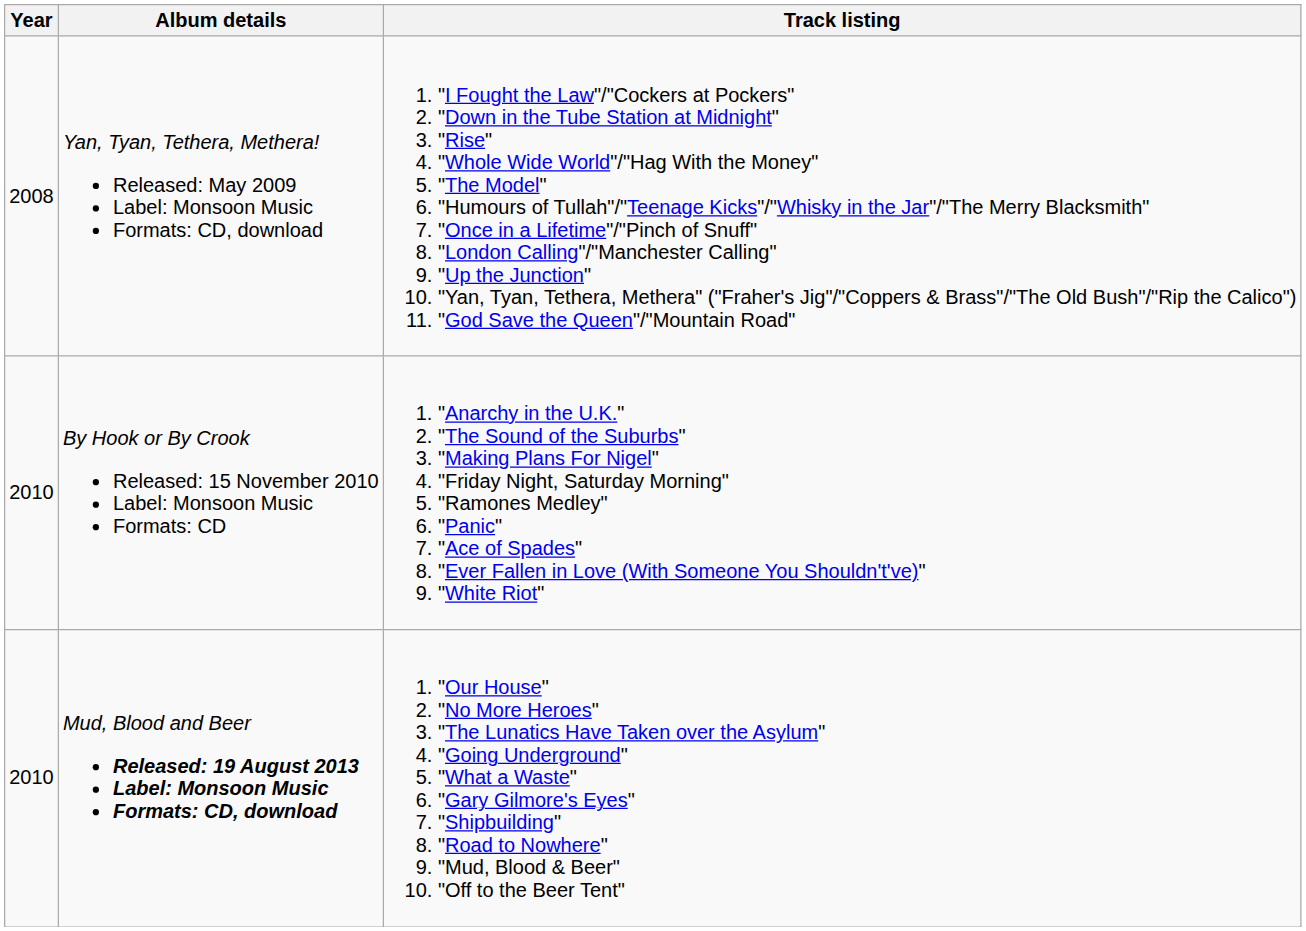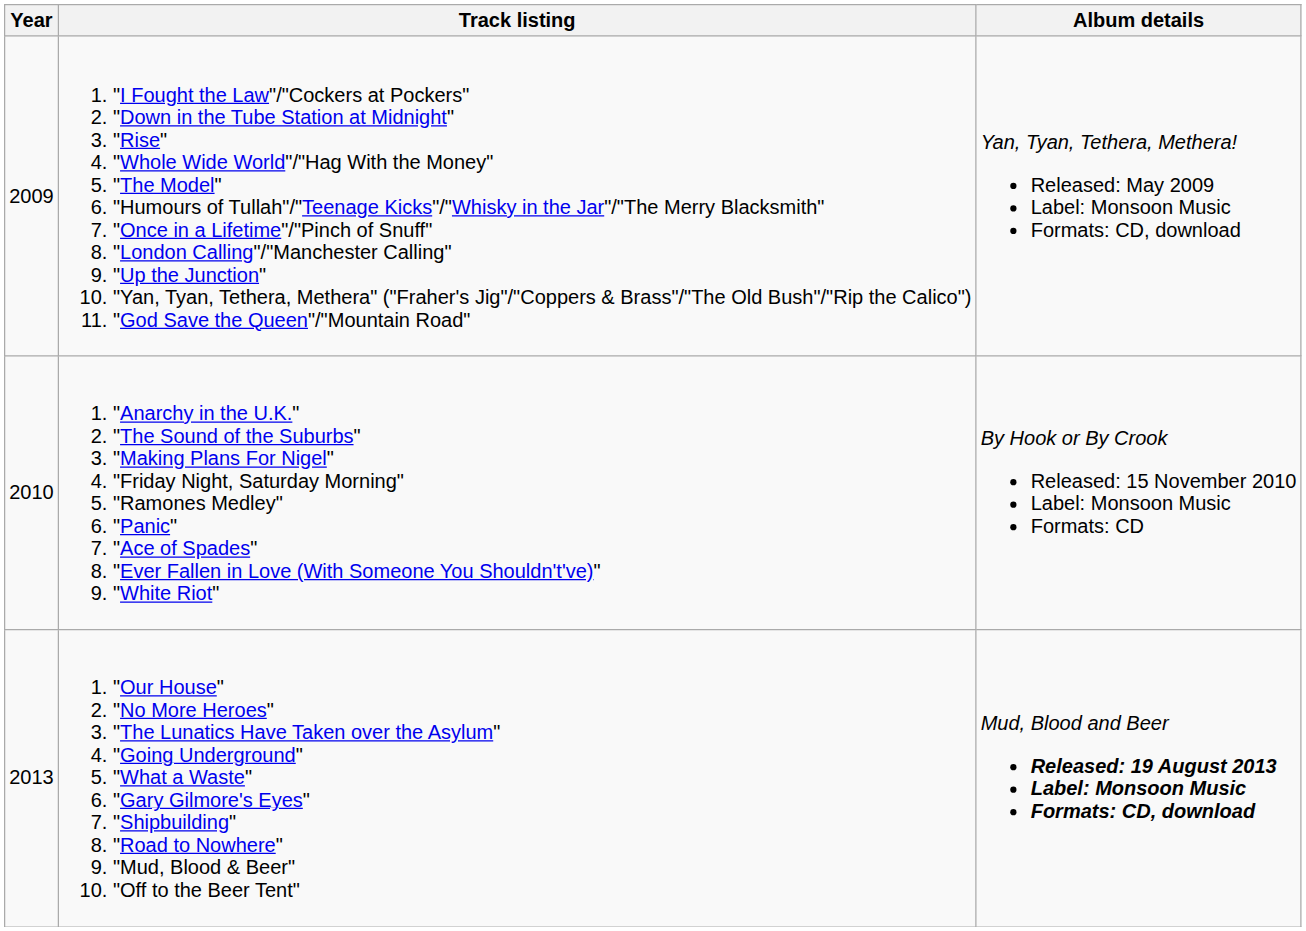 <table class=wikitable>
 <tr>
 <th>Year</th>
+<th>Track listing</th>
 <th>Album details</th>
-<th>Track listing</th>
 </tr>
 <tr>
-<td>2008</td>
+<td>2009</td>
+<td><br><ol><li>"<a href='#'>I Fought the Law</a>"/"Cockers at Pockers"</li><li>"<a href='#'>Down in the Tube Station at Midnight</a>"</li><li>"<a href='#'>Rise</a>"</li><li>"<a href='#'>Whole Wide World</a>"/"Hag With the Money"</li><li>"<a href='#'>The Model</a>"</li><li>"Humours of Tullah"/"<a href='#'>Teenage Kicks</a>"/"<a href='#'>Whisky in the Jar</a>"/"The Merry Blacksmith"</li><li>"<a href='#'>Once in a Lifetime</a>"/"Pinch of Snuff"</li><li>"<a href='#'>London Calling</a>"/"Manchester Calling"</li><li>"<a href='#'>Up the Junction</a>"</li><li>"Yan, Tyan, Tethera, Methera" ("Fraher's Jig"/"Coppers & Brass"/"The Old Bush"/"Rip the Calico")</li><li>"<a href='#'>God Save the Queen</a>"/"Mountain Road"</li></ol></td>
 <td><em>Yan, Tyan, Tethera, Methera!</em><br><ul><li>Released: May 2009</li><li>Label: Monsoon Music</li><li>Formats: CD, download</li></ul></td>
-<td><br><ol><li>"<a href='#'>I Fought the Law</a>"/"Cockers at Pockers"</li><li>"<a href='#'>Down in the Tube Station at Midnight</a>"</li><li>"<a href='#'>Rise</a>"</li><li>"<a href='#'>Whole Wide World</a>"/"Hag With the Money"</li><li>"<a href='#'>The Model</a>"</li><li>"Humours of Tullah"/"<a href='#'>Teenage Kicks</a>"/"<a href='#'>Whisky in the Jar</a>"/"The Merry Blacksmith"</li><li>"<a href='#'>Once in a Lifetime</a>"/"Pinch of Snuff"</li><li>"<a href='#'>London Calling</a>"/"Manchester Calling"</li><li>"<a href='#'>Up the Junction</a>"</li><li>"Yan, Tyan, Tethera, Methera" ("Fraher's Jig"/"Coppers & Brass"/"The Old Bush"/"Rip the Calico")</li><li>"<a href='#'>God Save the Queen</a>"/"Mountain Road"</li></ol></td>
 </tr>
 <tr>
 <td>2010</td>
+<td><br><ol><li>"<a href='#'>Anarchy in the U.K.</a>"</li><li>"<a href='#'>The Sound of the Suburbs</a>"</li><li>"<a href='#'>Making Plans For Nigel</a>"</li><li>"Friday Night, Saturday Morning"</li><li>"Ramones Medley"</li><li>"<a href='#'>Panic</a>"</li><li>"<a href='#'>Ace of Spades</a>"</li><li>"<a href='#'>Ever Fallen in Love (With Someone You Shouldn't've)</a>"</li><li>"<a href='#'>White Riot</a>"</li></ol></td>
 <td><em>By Hook or By Crook</em><br><ul><li>Released: 15 November 2010</li><li>Label: Monsoon Music</li><li>Formats: CD</li></ul></td>
-<td><br><ol><li>"<a href='#'>Anarchy in the U.K.</a>"</li><li>"<a href='#'>The Sound of the Suburbs</a>"</li><li>"<a href='#'>Making Plans For Nigel</a>"</li><li>"Friday Night, Saturday Morning"</li><li>"Ramones Medley"</li><li>"<a href='#'>Panic</a>"</li><li>"<a href='#'>Ace of Spades</a>"</li><li>"<a href='#'>Ever Fallen in Love (With Someone You Shouldn't've)</a>"</li><li>"<a href='#'>White Riot</a>"</li></ol></td>
 </tr>
 <tr>
-<td>2010</td>
+<td>2013</td>
+<td><br><ol><li>"<a href='#'>Our House</a>"</li><li>"<a href='#'>No More Heroes</a>"</li><li>"<a href='#'>The Lunatics Have Taken over the Asylum</a>"</li><li>"<a href='#'>Going Underground</a>"</li><li>"<a href='#'>What a Waste</a>"</li><li>"<a href='#'>Gary Gilmore's Eyes</a>"</li><li>"<a href='#'>Shipbuilding</a>"</li><li>"<a href='#'>Road to Nowhere</a>"</li><li>"Mud, Blood & Beer"</li><li>"Off to the Beer Tent"</li></ol></td>
 <td><em>Mud, Blood and Beer<strong><br><ul><li>Released: 19 August 2013</li><li>Label: Monsoon Music</li><li>Formats: CD, download</li></ul></td>
-<td><br><ol><li>"<a href='#'>Our House</a>"</li><li>"<a href='#'>No More Heroes</a>"</li><li>"<a href='#'>The Lunatics Have Taken over the Asylum</a>"</li><li>"<a href='#'>Going Underground</a>"</li><li>"<a href='#'>What a Waste</a>"</li><li>"<a href='#'>Gary Gilmore's Eyes</a>"</li><li>"<a href='#'>Shipbuilding</a>"</li><li>"<a href='#'>Road to Nowhere</a>"</li><li>"Mud, Blood & Beer"</li><li>"Off to the Beer Tent"</li></ol></td>
 </tr>
 </table>
